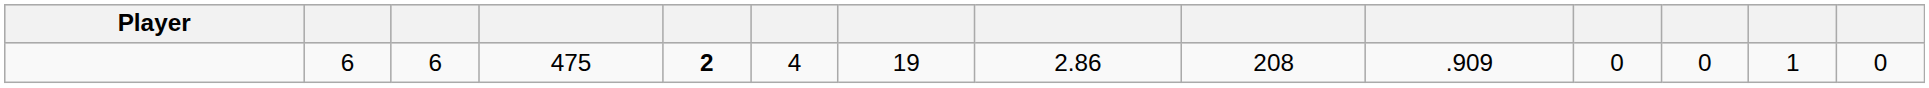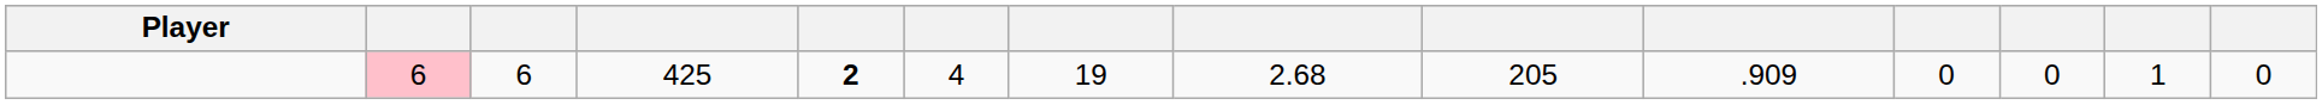 <table class="wikitable sortable" style="width:100%;">
 <tr style="text-align:center; background:#ddd;">
 <th>Player</th>
 <th></th>
 <th></th>
 <th></th>
 <th></th>
 <th></th>
 <th></th>
 <th></th>
 <th></th>
 <th></th>
 <th></th>
 <th></th>
 <th></th>
 <th></th>
 </tr>
 <tr align=center>
 <td></td>
+<td style="background: pink;">6</td>
 <td>6</td>
-<td>6</td>
-<td>475</td>
+<td>425</td>
 <td><strong>2</strong></td>
 <td>4</td>
 <td>19</td>
-<td>2.86</td>
-<td>208</td>
+<td>2.68</td>
+<td>205</td>
 <td>.909</td>
 <td>0</td>
 <td>0</td>
 <td>1</td>
 <td>0</td>
 </tr>
 </table>
